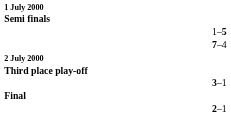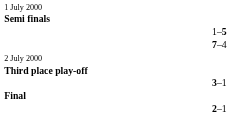 <table width=100% cellspacing=1>
 <tr>
 <th width=22%></th>
 <th width=12%></th>
 <th></th>
 </tr>
 <tr>
-<td><strong><small>1 July 2000</small></strong></td>
+<td><small>1 July 2000</small></td>
 </tr>
 <tr>
 <td><strong>Semi finals</strong></td>
 </tr>
 <tr>
 <td align=right></td>
 <td align=center>1–<strong>5</strong></td>
 <td><strong></strong></td>
 </tr>
 <tr>
 <td align=right><strong></strong></td>
 <td align=center><strong>7</strong>–4</td>
 <td></td>
 </tr>
 <tr>
-<td><strong><small>2 July 2000</small></strong></td>
+<td><small>2 July 2000</small></td>
 </tr>
 <tr>
 <td><strong>Third place play-off</strong></td>
 </tr>
 <tr>
 <td align=right><strong></strong></td>
 <td align=center><strong>3</strong>–1</td>
 <td></td>
 </tr>
 <tr>
 <td><strong>Final</strong></td>
 </tr>
 <tr>
 <td align=right><strong></strong></td>
 <td align=center><strong>2</strong>–1 </td>
 <td></td>
 </tr>
 </table>
